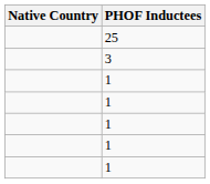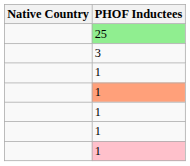 <table class="wikitable">
 <tr>
 <th>Native Country</th>
 <th>PHOF Inductees</th>
 </tr>
 <tr>
 <td></td>
-<td>25</td>
+<td style="background: lightgreen;">25</td>
 </tr>
 <tr>
 <td></td>
 <td>3</td>
 </tr>
 <tr>
 <td></td>
 <td>1</td>
 </tr>
 <tr>
 <td></td>
-<td>1</td>
+<td style="background: lightsalmon;">1</td>
 </tr>
 <tr>
 <td></td>
 <td>1</td>
 </tr>
 <tr>
 <td></td>
 <td>1</td>
 </tr>
 <tr>
 <td></td>
-<td>1</td>
+<td style="background: pink;">1</td>
 </tr>
 </table>
